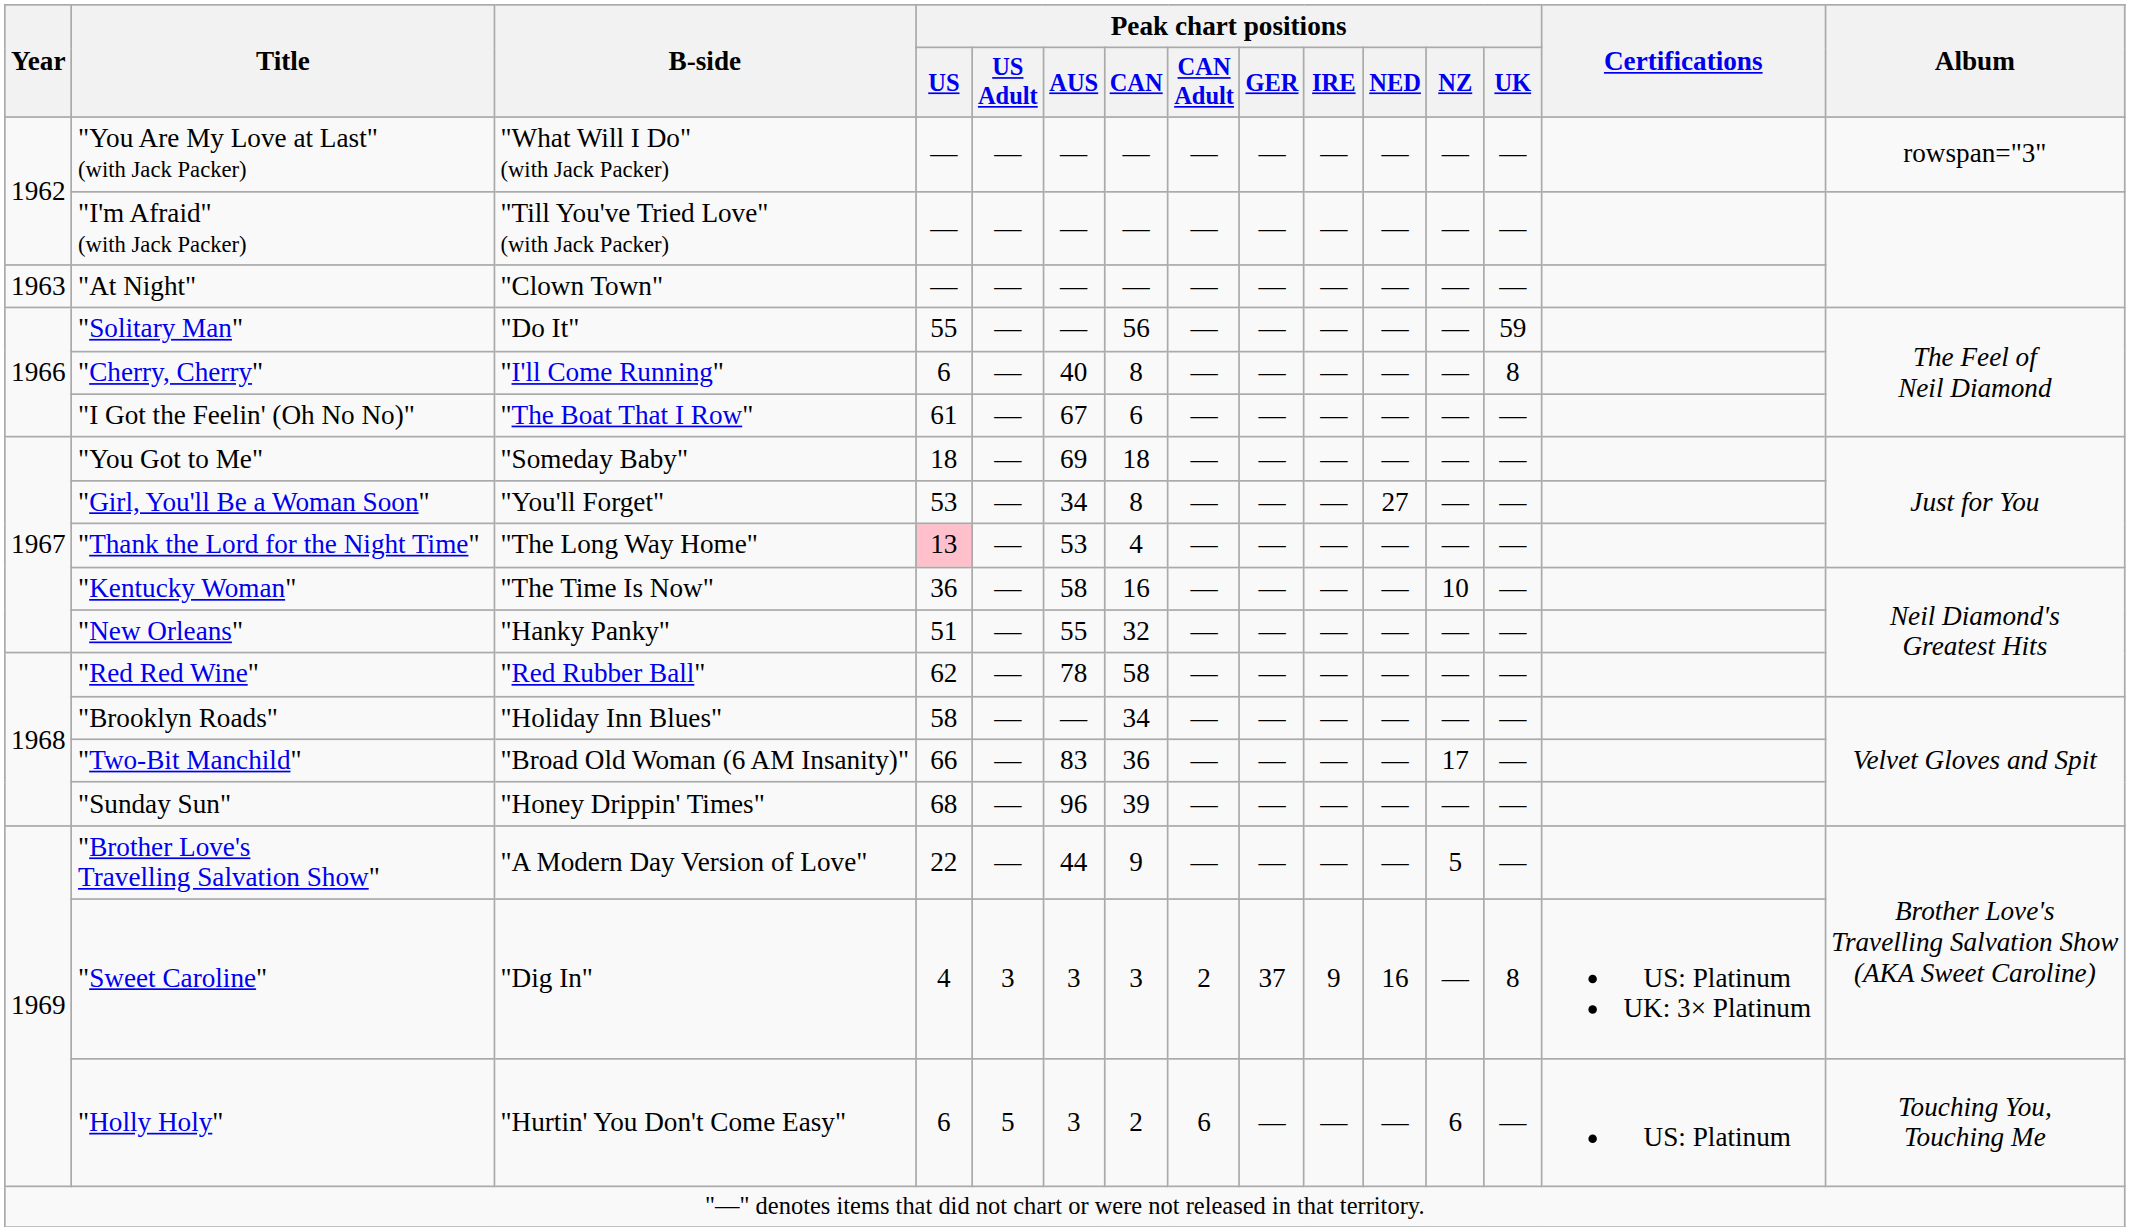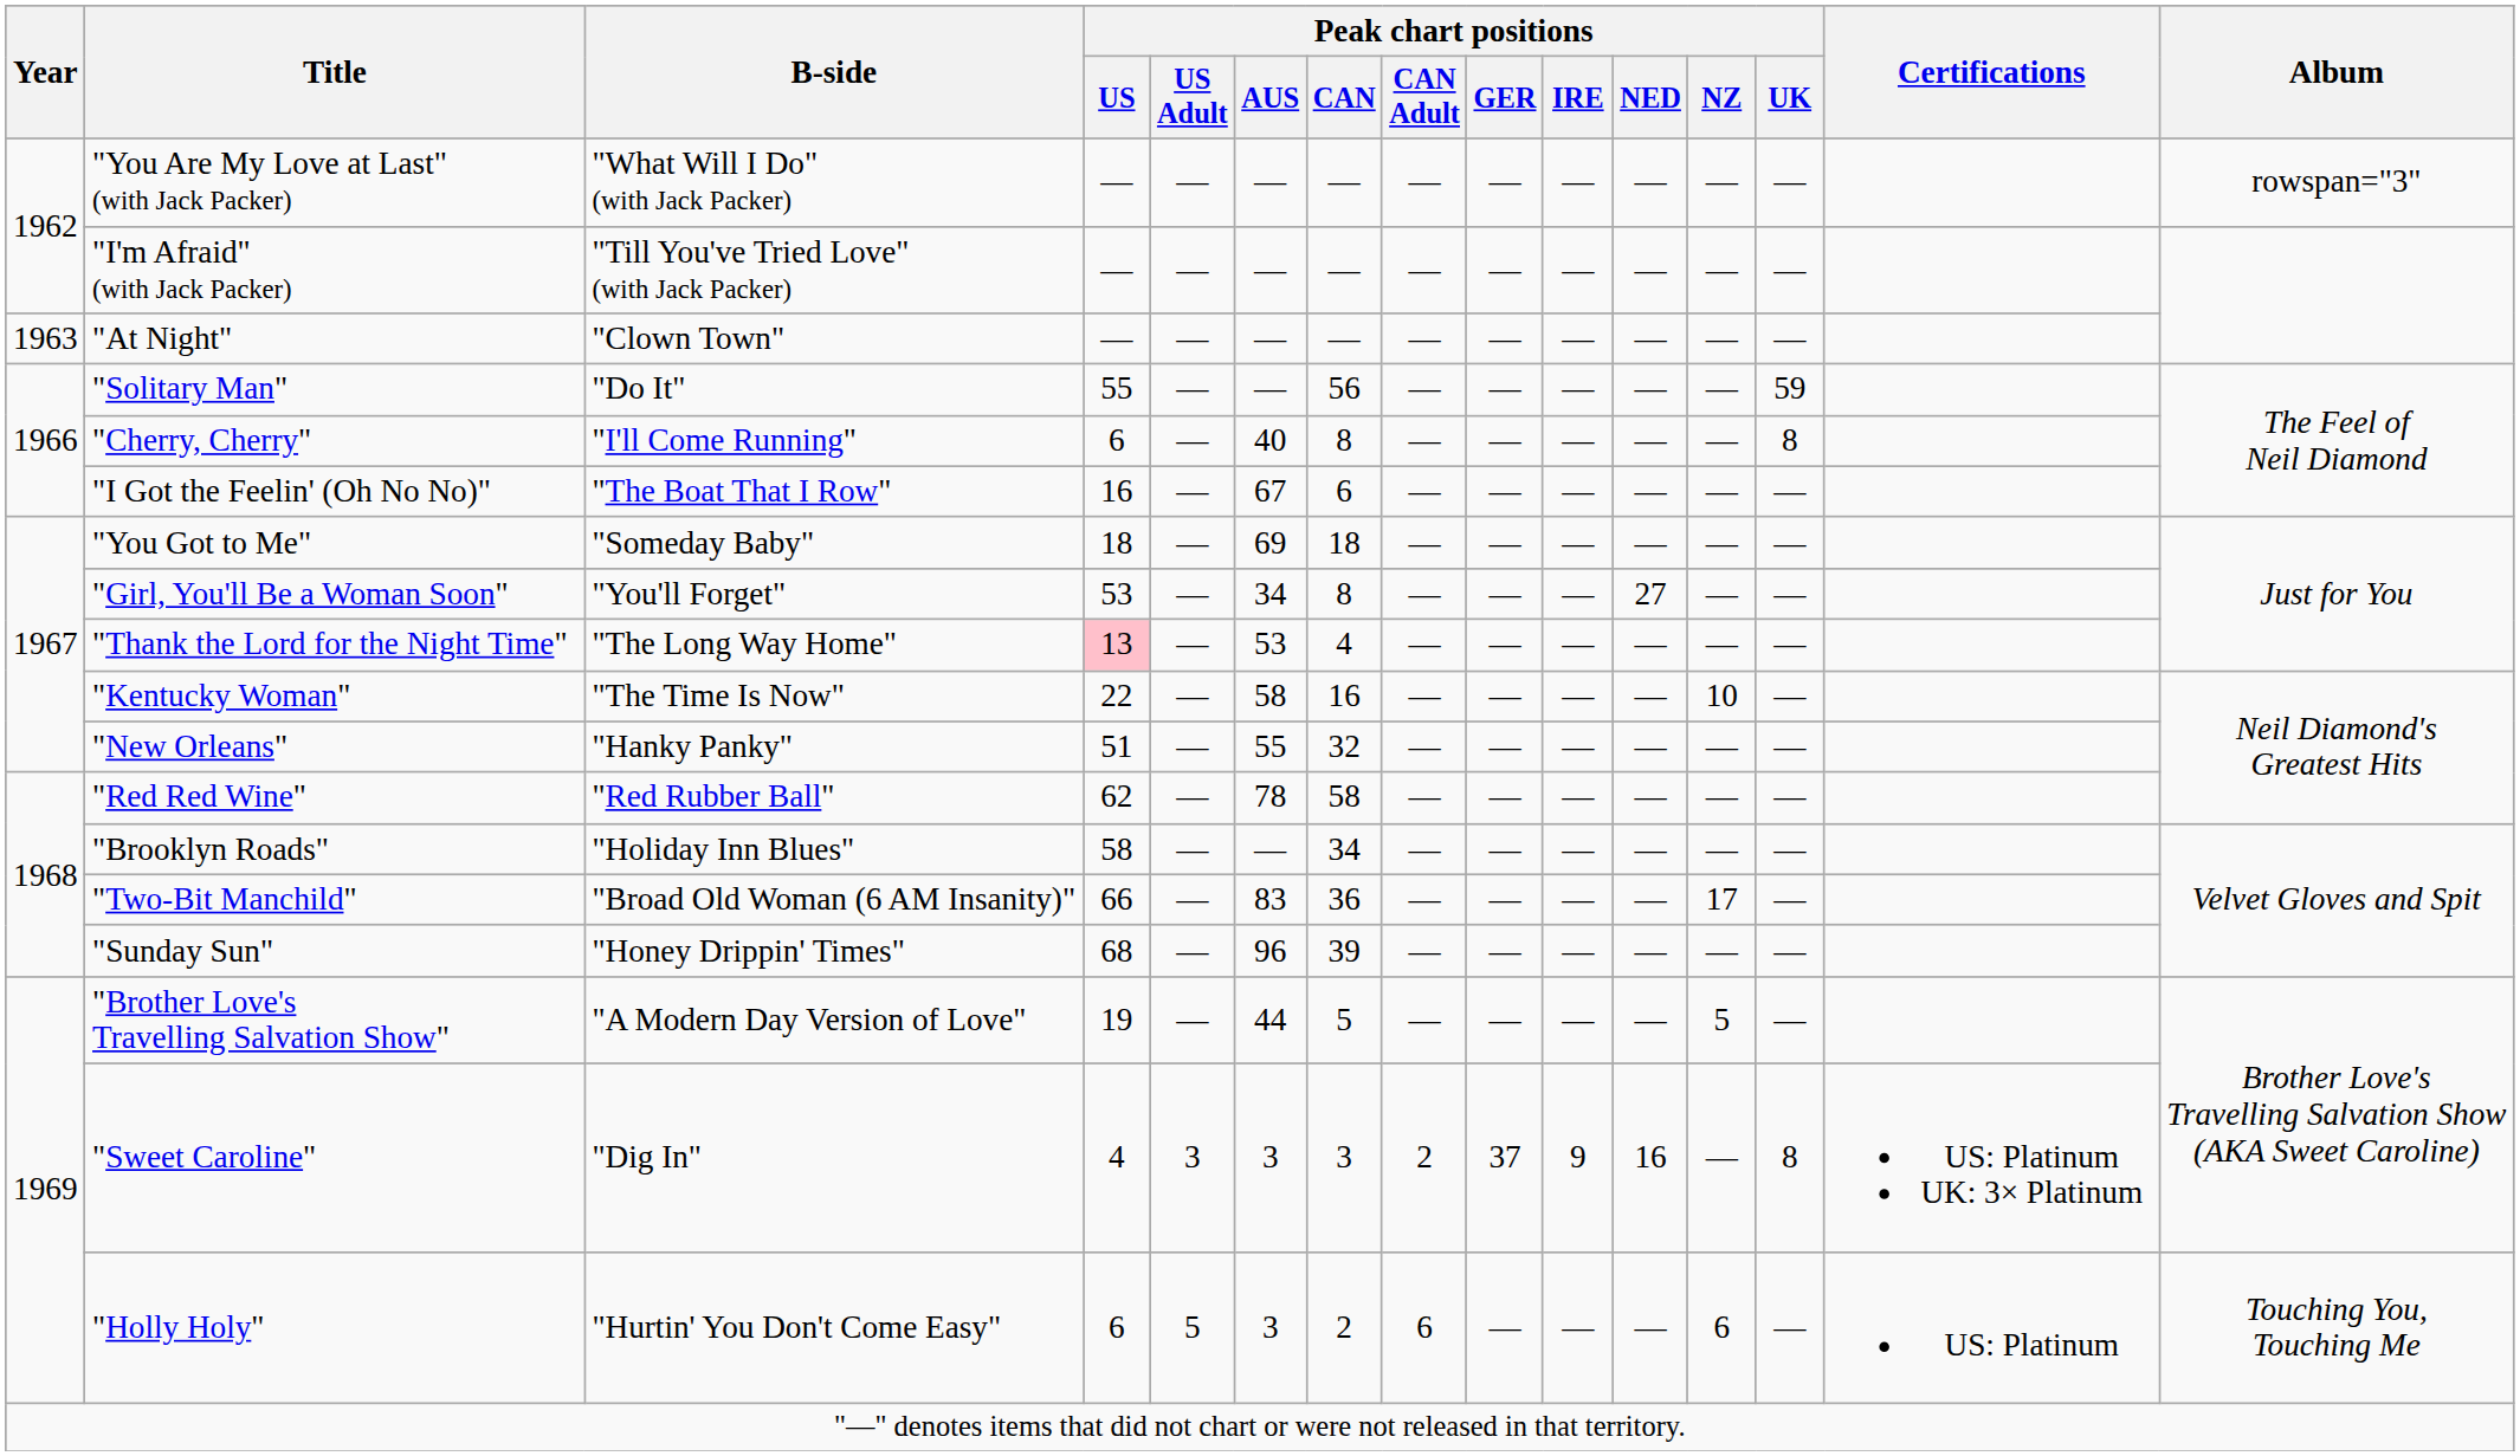 <table class="wikitable" style="text-align:center;">
 <tr>
 <th rowspan="2" style="width:2em;">Year</th>
 <th rowspan="2" style="width:18em;">Title</th>
 <th rowspan="2" style="width:18em;">B-side</th>
 <th colspan="10">Peak chart positions</th>
 <th rowspan="2" style="width:11em;"><a href='#'>Certifications</a></th>
 <th rowspan="2" style="width:12em;">Album</th>
 </tr>
 <tr>
 <th style="width:2em;font-size:90%;"><a href='#'>US</a><br></th>
 <th style="width:2em;font-size:90%;"><a href='#'>US<br>Adult</a><br></th>
 <th style="width:2em;font-size:90%;"><a href='#'>AUS</a><br></th>
 <th style="width:2em;font-size:90%;"><a href='#'>CAN</a><br></th>
 <th style="width:2em;font-size:90%;"><a href='#'>CAN<br>Adult</a><br></th>
 <th style="width:2em;font-size:90%;"><a href='#'>GER</a><br></th>
 <th style="width:2em;font-size:90%;"><a href='#'>IRE</a><br></th>
 <th style="width:2em;font-size:90%;"><a href='#'>NED</a><br></th>
 <th style="width:2em;font-size:90%;"><a href='#'>NZ</a><br></th>
 <th style="width:2em;font-size:90%;"><a href='#'>UK</a><br></th>
 </tr>
 <tr>
 <td rowspan="2">1962</td>
 <td style="text-align:left;">"You Are My Love at Last"<br><small>(with Jack Packer)</small></td>
 <td style="text-align:left;">"What Will I Do"<br><small>(with Jack Packer)</small></td>
 <td>—</td>
 <td>—</td>
 <td>—</td>
 <td>—</td>
 <td>—</td>
 <td>—</td>
 <td>—</td>
 <td>—</td>
 <td>—</td>
 <td>—</td>
 <td></td>
 <td>rowspan="3" </td>
 </tr>
 <tr>
 <td style="text-align:left;">"I'm Afraid"<br><small>(with Jack Packer)</small></td>
 <td style="text-align:left;">"Till You've Tried Love"<br><small>(with Jack Packer)</small></td>
 <td>—</td>
 <td>—</td>
 <td>—</td>
 <td>—</td>
 <td>—</td>
 <td>—</td>
 <td>—</td>
 <td>—</td>
 <td>—</td>
 <td>—</td>
 <td></td>
 </tr>
 <tr>
 <td>1963</td>
 <td style="text-align:left;">"At Night"</td>
 <td style="text-align:left;">"Clown Town"</td>
 <td>—</td>
 <td>—</td>
 <td>—</td>
 <td>—</td>
 <td>—</td>
 <td>—</td>
 <td>—</td>
 <td>—</td>
 <td>—</td>
 <td>—</td>
 <td></td>
 </tr>
 <tr>
 <td rowspan="3">1966</td>
 <td style="text-align:left;">"<a href='#'>Solitary Man</a>"</td>
 <td style="text-align:left;">"Do It"</td>
 <td>55</td>
 <td>—</td>
 <td>—</td>
 <td>56</td>
 <td>—</td>
 <td>—</td>
 <td>—</td>
 <td>—</td>
 <td>—</td>
 <td>59</td>
 <td></td>
 <td rowspan="3"><em>The Feel of<br>Neil Diamond</em></td>
 </tr>
 <tr>
 <td style="text-align:left;">"<a href='#'>Cherry, Cherry</a>"</td>
 <td style="text-align:left;">"<a href='#'>I'll Come Running</a>"</td>
 <td>6</td>
 <td>—</td>
 <td>40</td>
 <td>8</td>
 <td>—</td>
 <td>—</td>
 <td>—</td>
 <td>—</td>
 <td>—</td>
 <td>8</td>
 <td></td>
 </tr>
 <tr>
 <td style="text-align:left;">"I Got the Feelin' (Oh No No)"</td>
 <td style="text-align:left;">"<a href='#'>The Boat That I Row</a>"</td>
-<td>61</td>
+<td>16</td>
 <td>—</td>
 <td>67</td>
 <td>6</td>
 <td>—</td>
 <td>—</td>
 <td>—</td>
 <td>—</td>
 <td>—</td>
 <td>—</td>
 <td></td>
 </tr>
 <tr>
 <td rowspan="5">1967</td>
 <td style="text-align:left;">"You Got to Me"</td>
 <td style="text-align:left;">"Someday Baby"</td>
 <td>18</td>
 <td>—</td>
 <td>69</td>
 <td>18</td>
 <td>—</td>
 <td>—</td>
 <td>—</td>
 <td>—</td>
 <td>—</td>
 <td>—</td>
 <td></td>
 <td rowspan="3"><em>Just for You</em></td>
 </tr>
 <tr>
 <td style="text-align:left;">"<a href='#'>Girl, You'll Be a Woman Soon</a>"</td>
 <td style="text-align:left;">"You'll Forget"</td>
 <td>53</td>
 <td>—</td>
 <td>34</td>
 <td>8</td>
 <td>—</td>
 <td>—</td>
 <td>—</td>
 <td>27</td>
 <td>—</td>
 <td>—</td>
 <td></td>
 </tr>
 <tr>
 <td style="text-align:left;">"<a href='#'>Thank the Lord for the Night Time</a>"</td>
 <td style="text-align:left;">"The Long Way Home"</td>
 <td style="background: pink;">13</td>
 <td>—</td>
 <td>53</td>
 <td>4</td>
 <td>—</td>
 <td>—</td>
 <td>—</td>
 <td>—</td>
 <td>—</td>
 <td>—</td>
 <td></td>
 </tr>
 <tr>
 <td style="text-align:left;">"<a href='#'>Kentucky Woman</a>"</td>
 <td style="text-align:left;">"The Time Is Now"</td>
-<td>36</td>
+<td>22</td>
 <td>—</td>
 <td>58</td>
 <td>16</td>
 <td>—</td>
 <td>—</td>
 <td>—</td>
 <td>—</td>
 <td>10</td>
 <td>—</td>
 <td></td>
 <td rowspan="3"><em>Neil Diamond's<br>Greatest Hits</em></td>
 </tr>
 <tr>
 <td style="text-align:left;">"<a href='#'>New Orleans</a>"</td>
 <td style="text-align:left;">"Hanky Panky"</td>
 <td>51</td>
 <td>—</td>
 <td>55</td>
 <td>32</td>
 <td>—</td>
 <td>—</td>
 <td>—</td>
 <td>—</td>
 <td>—</td>
 <td>—</td>
 <td></td>
 </tr>
 <tr>
 <td rowspan="4">1968</td>
 <td style="text-align:left;">"<a href='#'>Red Red Wine</a>"</td>
 <td style="text-align:left;">"<a href='#'>Red Rubber Ball</a>"</td>
 <td>62</td>
 <td>—</td>
 <td>78</td>
 <td>58</td>
 <td>—</td>
 <td>—</td>
 <td>—</td>
 <td>—</td>
 <td>—</td>
 <td>—</td>
 <td></td>
 </tr>
 <tr>
 <td style="text-align:left;">"Brooklyn Roads"</td>
 <td style="text-align:left;">"Holiday Inn Blues"</td>
 <td>58</td>
 <td>—</td>
 <td>—</td>
 <td>34</td>
 <td>—</td>
 <td>—</td>
 <td>—</td>
 <td>—</td>
 <td>—</td>
 <td>—</td>
 <td></td>
 <td rowspan="3"><em>Velvet Gloves and Spit</em></td>
 </tr>
 <tr>
 <td style="text-align:left;">"<a href='#'>Two-Bit Manchild</a>"</td>
 <td style="text-align:left;">"Broad Old Woman (6 AM Insanity)"</td>
 <td>66</td>
 <td>—</td>
 <td>83</td>
 <td>36</td>
 <td>—</td>
 <td>—</td>
 <td>—</td>
 <td>—</td>
 <td>17</td>
 <td>—</td>
 <td></td>
 </tr>
 <tr>
 <td style="text-align:left;">"Sunday Sun"</td>
 <td style="text-align:left;">"Honey Drippin' Times"</td>
 <td>68</td>
 <td>—</td>
 <td>96</td>
 <td>39</td>
 <td>—</td>
 <td>—</td>
 <td>—</td>
 <td>—</td>
 <td>—</td>
 <td>—</td>
 <td></td>
 </tr>
 <tr>
 <td rowspan="3">1969</td>
 <td style="text-align:left;">"<a href='#'>Brother Love's<br>Travelling Salvation Show</a>"</td>
 <td style="text-align:left;">"A Modern Day Version of Love"</td>
-<td>22</td>
+<td>19</td>
 <td>—</td>
 <td>44</td>
-<td>9</td>
+<td>5</td>
 <td>—</td>
 <td>—</td>
 <td>—</td>
 <td>—</td>
 <td>5</td>
 <td>—</td>
 <td></td>
 <td rowspan="2"><em>Brother Love's<br>Travelling Salvation Show (AKA Sweet Caroline)</em></td>
 </tr>
 <tr>
 <td style="text-align:left;">"<a href='#'>Sweet Caroline</a>"</td>
 <td style="text-align:left;">"Dig In"</td>
 <td>4</td>
 <td>3</td>
 <td>3</td>
 <td>3</td>
 <td>2</td>
 <td>37</td>
 <td>9</td>
 <td>16</td>
 <td>—</td>
 <td>8</td>
 <td><br><ul><li>US: Platinum</li><li>UK: 3× Platinum</li></ul></td>
 </tr>
 <tr>
 <td style="text-align:left;">"<a href='#'>Holly Holy</a>"</td>
 <td style="text-align:left;">"Hurtin' You Don't Come Easy"</td>
 <td>6</td>
 <td>5</td>
 <td>3</td>
 <td>2</td>
 <td>6</td>
 <td>—</td>
 <td>—</td>
 <td>—</td>
 <td>6</td>
 <td>—</td>
 <td><br><ul><li>US: Platinum</li></ul></td>
 <td><em>Touching You,<br>Touching Me</em></td>
 </tr>
 <tr>
 <td colspan="15" style="font-size:90%">"—" denotes items that did not chart or were not released in that territory.</td>
 </tr>
 </table>
